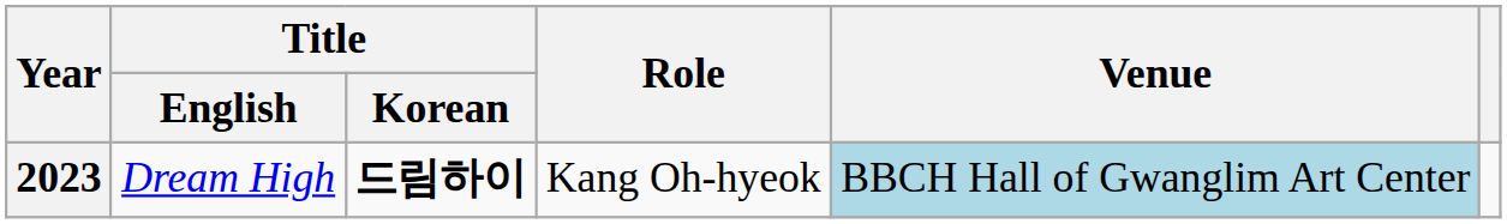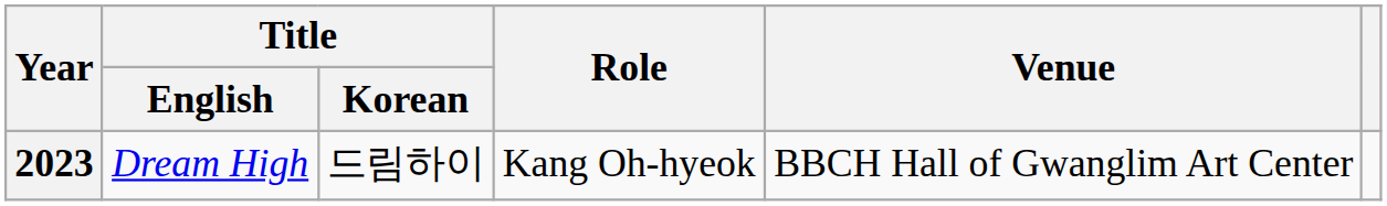 <table class="wikitable sortable plainrowheaders" style="text-align:left; font-size:100%;">
 <tr>
 <th scope="col" rowspan="2">Year</th>
 <th scope="col" colspan="2">Title</th>
 <th scope="col" rowspan="2">Role</th>
 <th scope="col" rowspan="2" class="unsortable">Venue</th>
 <th rowspan="2" scope="col" class="unsortable"></th>
 </tr>
 <tr>
 <th>English</th>
 <th>Korean</th>
 </tr>
 <tr>
 <th scope="row">2023</th>
 <td><em><a href='#'>Dream High</a></em></td>
-<td><strong>드림하이</strong></td>
+<td>드림하이</td>
 <td>Kang Oh-hyeok</td>
-<td style="background: lightblue;">BBCH Hall of Gwanglim Art Center</td>
+<td>BBCH Hall of Gwanglim Art Center</td>
 <td></td>
 </tr>
 </table>
